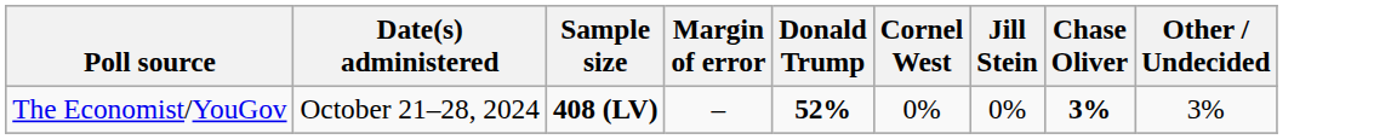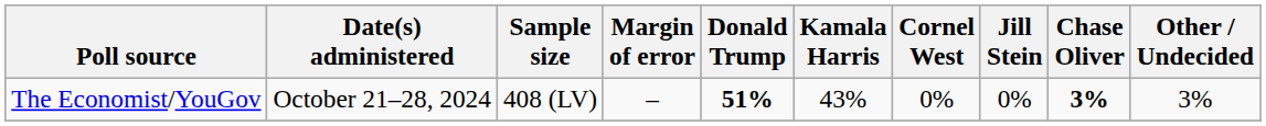 <table class="wikitable sortable mw-datatable" style="font-size:90%;text-align:center;line-height:17px">
 <tr valign=bottom>
 <th>Poll source</th>
 <th>Date(s)<br>administered</th>
 <th>Sample<br>size</th>
 <th>Margin<br>of error</th>
 <th class="unsortable">Donald<br>Trump<br></th>
+<th class="unsortable">Kamala<br>Harris<br></th>
 <th class="unsortable">Cornel<br>West<br></th>
 <th class="unsortable">Jill<br>Stein<br></th>
 <th class="unsortable">Chase<br>Oliver<br></th>
 <th class="unsortable">Other /<br>Undecided</th>
 </tr>
 <tr>
 <td style="text-align:left;"><a href='#'>The Economist</a>/<a href='#'>YouGov</a></td>
 <td data-sort-value="2024-10-28">October 21–28, 2024</td>
-<td><strong>408 (LV)</strong></td>
+<td>408 (LV)</td>
 <td>–</td>
-<td style="background-color:"><strong>52%</strong></td>
+<td style="background-color:"><strong>51%</strong></td>
+<td>43%</td>
 <td>0%</td>
 <td>0%</td>
 <td><strong>3%</strong></td>
 <td>3%</td>
 </tr>
 </table>
